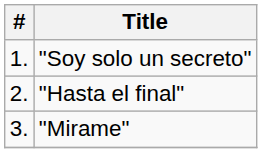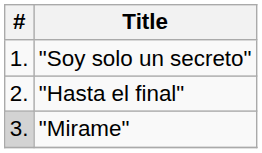 <table class="wikitable">
 <tr>
 <th>#</th>
 <th>Title</th>
 </tr>
 <tr>
 <td>1.</td>
 <td>"Soy solo un secreto"</td>
 </tr>
 <tr>
 <td>2.</td>
 <td>"Hasta el final"</td>
 </tr>
 <tr>
-<td>3.</td>
+<td style="background: lightgrey;">3.</td>
 <td>"Mirame"</td>
 </tr>
 <tr>
 </tr>
 </table>
